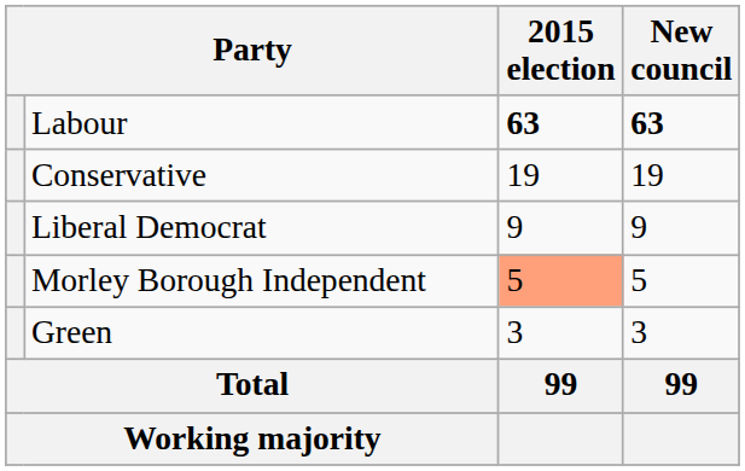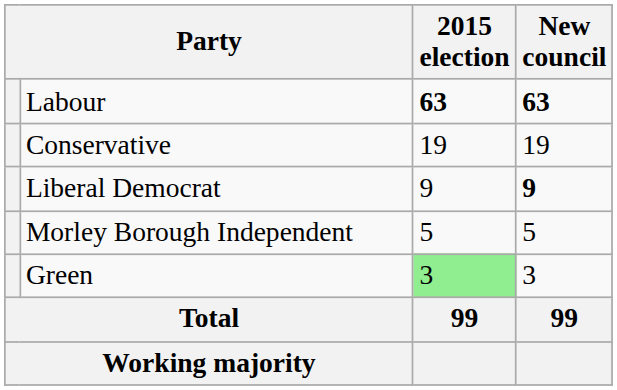 <table class="wikitable">
 <tr>
 <th valign=centre colspan="2" style="width: 230px">Party</th>
 <th valign=top style="width: 30px">2015 election</th>
 <th valign=top style="width: 30px">New council</th>
 </tr>
 <tr>
 <th style="background-color: "></th>
 <td>Labour</td>
 <td><strong>63</strong></td>
 <td><strong>63</strong></td>
 </tr>
 <tr>
 <th style="background-color: "></th>
 <td>Conservative</td>
 <td>19</td>
 <td>19</td>
 </tr>
 <tr>
 <th style="background-color: "></th>
 <td>Liberal Democrat</td>
 <td>9</td>
-<td>9</td>
+<td><strong>9</strong></td>
 </tr>
 <tr>
 <th style="background-color: "></th>
 <td>Morley Borough Independent</td>
-<td style="background: lightsalmon;">5</td>
+<td>5</td>
 <td>5</td>
 </tr>
 <tr>
 <th style="background-color: "></th>
 <td>Green</td>
-<td>3</td>
+<td style="background: lightgreen;">3</td>
 <td>3</td>
 </tr>
 <tr>
 <th colspan=2>Total</th>
 <th style="text-align: center">99</th>
 <th colspan=3>99</th>
 </tr>
 <tr>
 <th colspan=2>Working majority</th>
 <th></th>
 <th></th>
 </tr>
 </table>
